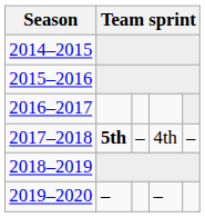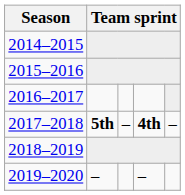 <table class="wikitable" style="display: inline-table;">
 <tr>
 <th>Season</th>
 <th colspan="4">Team sprint</th>
 </tr>
 <tr>
 <td><a href='#'>2014–2015</a></td>
 <td colspan="4" bgcolor=#EEEEEE></td>
 </tr>
 <tr>
 <td><a href='#'>2015–2016</a></td>
 <td colspan="4" bgcolor=#EEEEEE></td>
 </tr>
 <tr>
 <td><a href='#'>2016–2017</a></td>
 <td></td>
 <td></td>
 <td></td>
 <td colspan="1" bgcolor=#EEEEEE></td>
 </tr>
 <tr>
 <td><a href='#'>2017–2018</a></td>
 <td><strong>5th</strong></td>
 <td>–</td>
-<td>4th</td>
+<td><strong>4th</strong></td>
 <td>–</td>
 </tr>
 <tr>
 <td><a href='#'>2018–2019</a></td>
 <td colspan="4" bgcolor=#EEEEEE></td>
 </tr>
 <tr>
 <td><a href='#'>2019–2020</a></td>
 <td>–</td>
 <td></td>
 <td>–</td>
 <td></td>
 </tr>
 </table>
